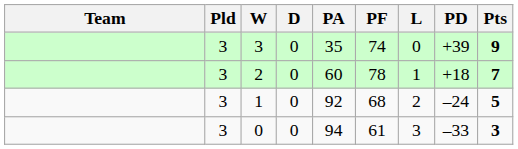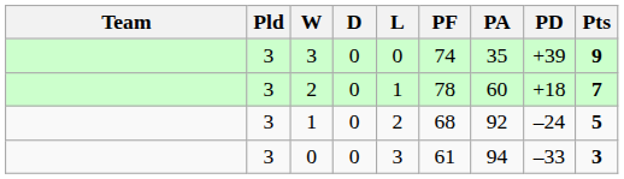 <table class="wikitable" style="text-align:center;">
 <tr>
 <th width=175>Team</th>
 <th width=25 abbr="Played">Pld</th>
 <th width=25 abbr="Won">W</th>
 <th width=25 abbr="Drawn">D</th>
+<th width=25 abbr="Lost">L</th>
+<th width=32 abbr="Points for">PF</th>
 <th width=32 abbr="Points against">PA</th>
-<th width=32 abbr="Points for">PF</th>
-<th width=25 abbr="Lost">L</th>
 <th width=32 abbr="Points difference">PD</th>
 <th width=25 abbr="Points">Pts</th>
 </tr>
 <tr bgcolor="#ccffcc">
 <td align=left></td>
 <td>3</td>
 <td>3</td>
 <td>0</td>
+<td>0</td>
+<td>74</td>
 <td>35</td>
-<td>74</td>
-<td>0</td>
 <td>+39</td>
 <td><strong>9</strong></td>
 </tr>
 <tr bgcolor="#ccffcc">
 <td align=left></td>
 <td>3</td>
 <td>2</td>
 <td>0</td>
+<td>1</td>
+<td>78</td>
 <td>60</td>
-<td>78</td>
-<td>1</td>
 <td>+18</td>
 <td><strong>7</strong></td>
 </tr>
 <tr>
 <td align=left></td>
 <td>3</td>
 <td>1</td>
 <td>0</td>
+<td>2</td>
+<td>68</td>
 <td>92</td>
-<td>68</td>
-<td>2</td>
 <td>–24</td>
 <td><strong>5</strong></td>
 </tr>
 <tr>
 <td align=left></td>
 <td>3</td>
 <td>0</td>
 <td>0</td>
+<td>3</td>
+<td>61</td>
 <td>94</td>
-<td>61</td>
-<td>3</td>
 <td>–33</td>
 <td><strong>3</strong></td>
 </tr>
 </table>
